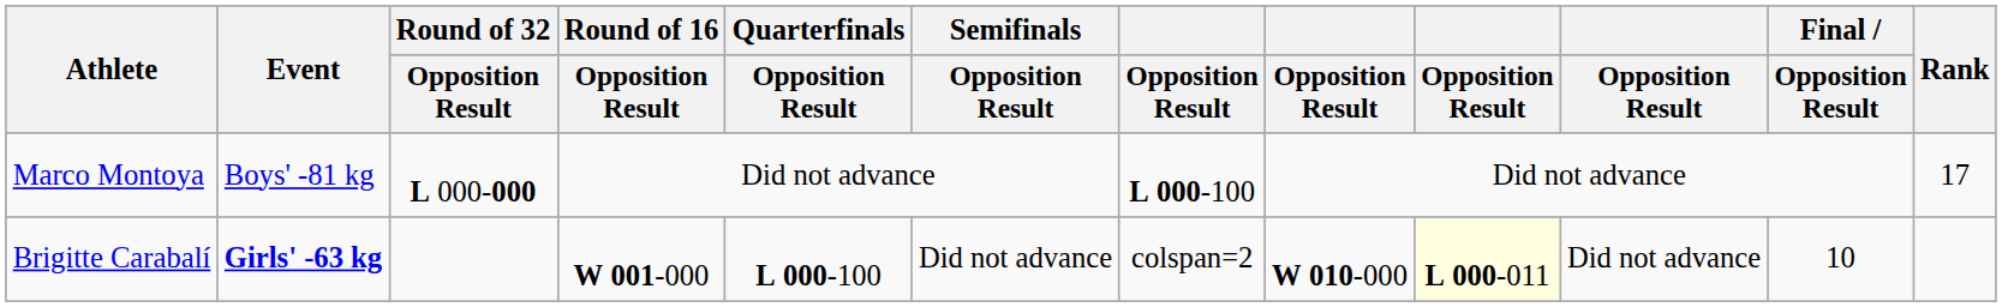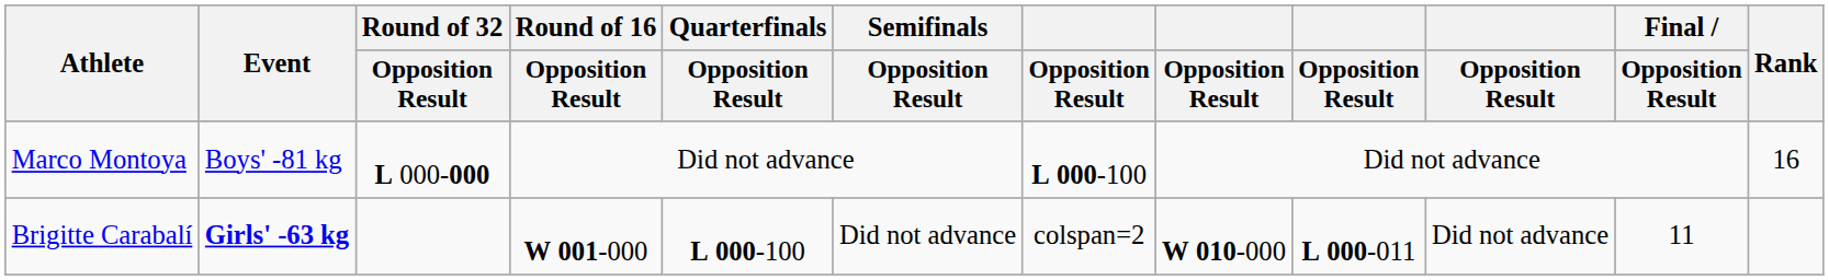 <table class="wikitable" style="font-size:90%">
 <tr>
 <th rowspan="2">Athlete</th>
 <th rowspan="2">Event</th>
 <th>Round of 32</th>
 <th>Round of 16</th>
 <th>Quarterfinals</th>
 <th>Semifinals</th>
 <th></th>
 <th></th>
 <th></th>
 <th></th>
 <th>Final / </th>
 <th rowspan=2>Rank</th>
 </tr>
 <tr style="font-size:95%">
 <th>Opposition<br>Result</th>
 <th>Opposition<br>Result</th>
 <th>Opposition<br>Result</th>
 <th>Opposition<br>Result</th>
 <th>Opposition<br>Result</th>
 <th>Opposition<br>Result</th>
 <th>Opposition<br>Result</th>
 <th>Opposition<br>Result</th>
 <th>Opposition<br>Result</th>
 </tr>
 <tr align=center>
 <td align=left><a href='#'>Marco Montoya</a></td>
 <td align=left><a href='#'>Boys' -81 kg</a></td>
 <td><br><strong>L</strong> 000-<strong>000</strong></td>
 <td colspan=3>Did not advance</td>
 <td><br><strong>L</strong> <strong>000</strong>-100</td>
 <td colspan=4>Did not advance</td>
-<td>17</td>
+<td>16</td>
 </tr>
 <tr align=center>
 <td align=left><a href='#'>Brigitte Carabalí</a></td>
 <td align=left><strong><a href='#'>Girls' -63 kg</a></strong></td>
 <td></td>
 <td><br><strong>W</strong> <strong>001</strong>-000</td>
 <td><br><strong>L</strong> <strong>000</strong>-100</td>
 <td>Did not advance</td>
 <td>colspan=2 </td>
 <td><br><strong>W</strong> <strong>010</strong>-000</td>
-<td style="background: lightyellow;"><br><strong>L</strong> <strong>000</strong>-011</td>
+<td><br><strong>L</strong> <strong>000</strong>-011</td>
 <td>Did not advance</td>
-<td>10</td>
+<td>11</td>
 </tr>
 </table>
